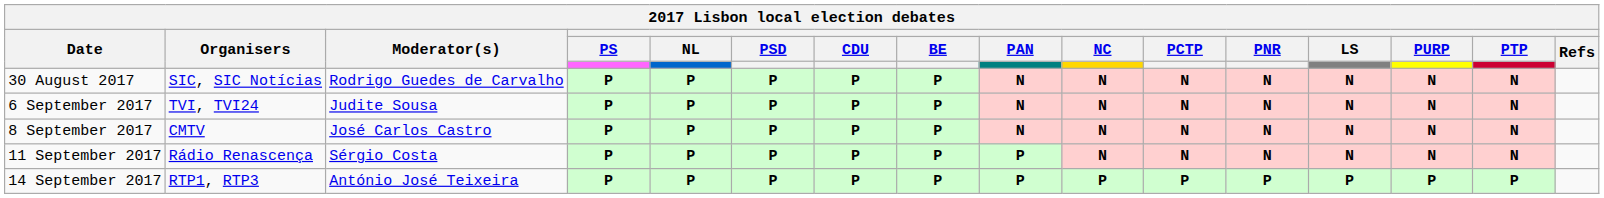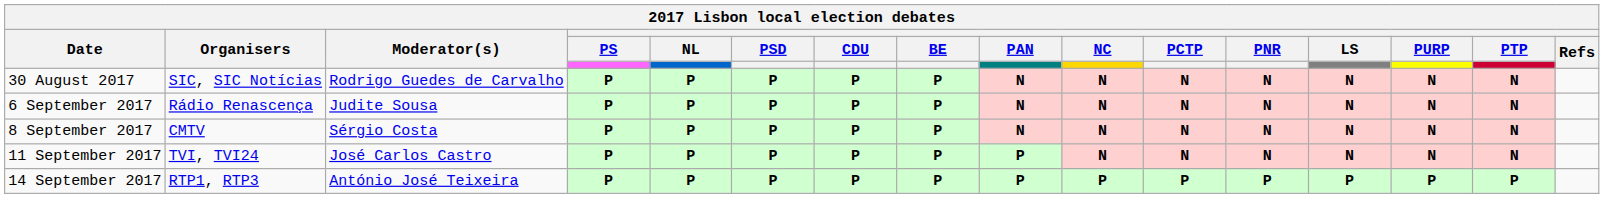 <table class="wikitable" style="font-size:98%; text-align:center;">
 <tr>
 <th colspan="21">2017 Lisbon local election debates</th>
 </tr>
 <tr>
 <th rowspan="3">Date</th>
 <th rowspan="3">Organisers</th>
 <th rowspan="3">Moderator(s)</th>
 <th colspan="18">      </th>
 </tr>
 <tr>
 <th scope="col" style="width:5em;"><a href='#'>PS</a><br></th>
 <th scope="col" style="width:5em;">NL<br></th>
 <th scope="col" style="width:5em;"><a href='#'>PSD</a><br></th>
 <th scope="col" style="width:5em;"><a href='#'>CDU</a><br></th>
 <th scope="col" style="width:5em;"><a href='#'>BE</a><br></th>
 <th scope="col" style="width:5em;"><a href='#'>PAN</a><br></th>
 <th scope="col" style="width:5em;"><a href='#'>NC</a><br></th>
 <th scope="col" style="width:5em;"><a href='#'>PCTP</a><br></th>
 <th scope="col" style="width:5em;"><a href='#'>PNR</a><br></th>
 <th scope="col" style="width:5em;">LS<br></th>
 <th scope="col" style="width:5em;"><a href='#'>PURP</a><br></th>
 <th scope="col" style="width:5em;"><a href='#'>PTP</a><br></th>
 <th rowspan="2">Refs</th>
 </tr>
 <tr>
 <th style="color:inherit;background:#FF66FF;"></th>
 <th style="color:inherit;background:#0066CC;"></th>
 <th style="color:inherit;background:"></th>
 <th style="color:inherit;background:"></th>
 <th style="color:inherit;background:"></th>
 <th style="color:inherit;background:Teal;"></th>
 <th style="color:inherit;background:gold;"></th>
 <th style="color:inherit;background:"></th>
 <th style="color:inherit;background:"></th>
 <th style="color:inherit;background:gray;"></th>
 <th style="color:inherit;background:yellow;"></th>
 <th style="color:inherit;background:#CC0033;"></th>
 </tr>
 <tr>
 <td style="white-space:nowrap; text-align:left;">30 August 2017</td>
 <td style="white-space:nowrap; text-align:left;"><a href='#'>SIC</a>, <a href='#'>SIC Notícias</a></td>
 <td style="white-space:nowrap; text-align:left;"><a href='#'>Rodrigo Guedes de Carvalho</a></td>
 <td style="background:#D0FFD0;"><strong>P</strong></td>
 <td style="background:#D0FFD0;"><strong>P</strong></td>
 <td style="background:#D0FFD0;"><strong>P</strong></td>
 <td style="background:#D0FFD0;"><strong>P</strong></td>
 <td style="background:#D0FFD0;"><strong>P</strong></td>
 <td style="background:#FFD0D0;"><strong>N</strong></td>
 <td style="background:#FFD0D0;"><strong>N</strong></td>
 <td style="background:#FFD0D0;"><strong>N</strong></td>
 <td style="background:#FFD0D0;"><strong>N</strong></td>
 <td style="background:#FFD0D0;"><strong>N</strong></td>
 <td style="background:#FFD0D0;"><strong>N</strong></td>
 <td style="background:#FFD0D0;"><strong>N</strong></td>
 <td></td>
 </tr>
 <tr>
 <td style="white-space:nowrap; text-align:left;">6 September 2017</td>
-<td style="white-space:nowrap; text-align:left;"><a href='#'>TVI</a>, <a href='#'>TVI24</a></td>
+<td style="white-space:nowrap; text-align:left;"><a href='#'>Rádio Renascença</a></td>
 <td style="white-space:nowrap; text-align:left;"><a href='#'>Judite Sousa</a></td>
 <td style="background:#D0FFD0;"><strong>P</strong></td>
 <td style="background:#D0FFD0;"><strong>P</strong></td>
 <td style="background:#D0FFD0;"><strong>P</strong></td>
 <td style="background:#D0FFD0;"><strong>P</strong></td>
 <td style="background:#D0FFD0;"><strong>P</strong></td>
 <td style="background:#FFD0D0;"><strong>N</strong></td>
 <td style="background:#FFD0D0;"><strong>N</strong></td>
 <td style="background:#FFD0D0;"><strong>N</strong></td>
 <td style="background:#FFD0D0;"><strong>N</strong></td>
 <td style="background:#FFD0D0;"><strong>N</strong></td>
 <td style="background:#FFD0D0;"><strong>N</strong></td>
 <td style="background:#FFD0D0;"><strong>N</strong></td>
 <td></td>
 </tr>
 <tr>
 <td style="white-space:nowrap; text-align:left;">8 September 2017</td>
 <td style="white-space:nowrap; text-align:left;"><a href='#'>CMTV</a></td>
-<td style="white-space:nowrap; text-align:left;"><a href='#'>José Carlos Castro</a></td>
+<td style="white-space:nowrap; text-align:left;"><a href='#'>Sérgio Costa</a></td>
 <td style="background:#D0FFD0;"><strong>P</strong></td>
 <td style="background:#D0FFD0;"><strong>P</strong></td>
 <td style="background:#D0FFD0;"><strong>P</strong></td>
 <td style="background:#D0FFD0;"><strong>P</strong></td>
 <td style="background:#D0FFD0;"><strong>P</strong></td>
 <td style="background:#FFD0D0;"><strong>N</strong></td>
 <td style="background:#FFD0D0;"><strong>N</strong></td>
 <td style="background:#FFD0D0;"><strong>N</strong></td>
 <td style="background:#FFD0D0;"><strong>N</strong></td>
 <td style="background:#FFD0D0;"><strong>N</strong></td>
 <td style="background:#FFD0D0;"><strong>N</strong></td>
 <td style="background:#FFD0D0;"><strong>N</strong></td>
 <td></td>
 </tr>
 <tr>
 <td style="white-space:nowrap; text-align:left;">11 September 2017</td>
-<td style="white-space:nowrap; text-align:left;"><a href='#'>Rádio Renascença</a></td>
-<td style="white-space:nowrap; text-align:left;"><a href='#'>Sérgio Costa</a></td>
+<td style="white-space:nowrap; text-align:left;"><a href='#'>TVI</a>, <a href='#'>TVI24</a></td>
+<td style="white-space:nowrap; text-align:left;"><a href='#'>José Carlos Castro</a></td>
 <td style="background:#D0FFD0;"><strong>P</strong></td>
 <td style="background:#D0FFD0;"><strong>P</strong></td>
 <td style="background:#D0FFD0;"><strong>P</strong></td>
 <td style="background:#D0FFD0;"><strong>P</strong></td>
 <td style="background:#D0FFD0;"><strong>P</strong></td>
 <td style="background:#D0FFD0;"><strong>P</strong></td>
 <td style="background:#FFD0D0;"><strong>N</strong></td>
 <td style="background:#FFD0D0;"><strong>N</strong></td>
 <td style="background:#FFD0D0;"><strong>N</strong></td>
 <td style="background:#FFD0D0;"><strong>N</strong></td>
 <td style="background:#FFD0D0;"><strong>N</strong></td>
 <td style="background:#FFD0D0;"><strong>N</strong></td>
 <td></td>
 </tr>
 <tr>
 <td style="white-space:nowrap; text-align:left;">14 September 2017</td>
 <td style="white-space:nowrap; text-align:left;"><a href='#'>RTP1</a>, <a href='#'>RTP3</a></td>
 <td style="white-space:nowrap; text-align:left;"><a href='#'>António José Teixeira</a></td>
 <td style="background:#D0FFD0;"><strong>P</strong></td>
 <td style="background:#D0FFD0;"><strong>P</strong></td>
 <td style="background:#D0FFD0;"><strong>P</strong></td>
 <td style="background:#D0FFD0;"><strong>P</strong></td>
 <td style="background:#D0FFD0;"><strong>P</strong></td>
 <td style="background:#D0FFD0;"><strong>P</strong></td>
 <td style="background:#D0FFD0;"><strong>P</strong></td>
 <td style="background:#D0FFD0;"><strong>P</strong></td>
 <td style="background:#D0FFD0;"><strong>P</strong></td>
 <td style="background:#D0FFD0;"><strong>P</strong></td>
 <td style="background:#D0FFD0;"><strong>P</strong></td>
 <td style="background:#D0FFD0;"><strong>P</strong></td>
 <td></td>
 </tr>
 </table>
